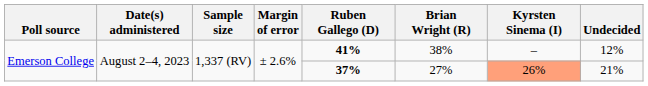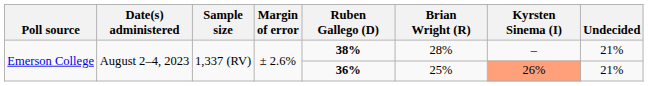 <table class="wikitable" style="font-size:90%;text-align:center;">
 <tr style="vertical-align:bottom">
 <th>Poll source</th>
 <th>Date(s)<br>administered</th>
 <th>Sample<br>size</th>
 <th>Margin<br>of error</th>
 <th style="width:100px;">Ruben<br>Gallego (D)</th>
 <th style="width:100px;">Brian<br>Wright (R)</th>
 <th style="width:100px;">Kyrsten<br>Sinema (I)</th>
 <th>Undecided</th>
 </tr>
 <tr>
 <td rowspan=2 style="text-align:left"><a href='#'>Emerson College</a></td>
 <td rowspan=2>August 2–4, 2023</td>
 <td rowspan=2>1,337 (RV)</td>
 <td rowspan=2>± 2.6%</td>
-<td><strong>41%</strong></td>
-<td>38%</td>
+<td><strong>38%</strong></td>
+<td>28%</td>
 <td>–</td>
-<td>12%</td>
+<td>21%</td>
 </tr>
 <tr>
-<td><strong>37%</strong></td>
-<td>27%</td>
+<td><strong>36%</strong></td>
+<td>25%</td>
 <td style="background: lightsalmon;">26%</td>
 <td>21%</td>
 </tr>
 </table>
